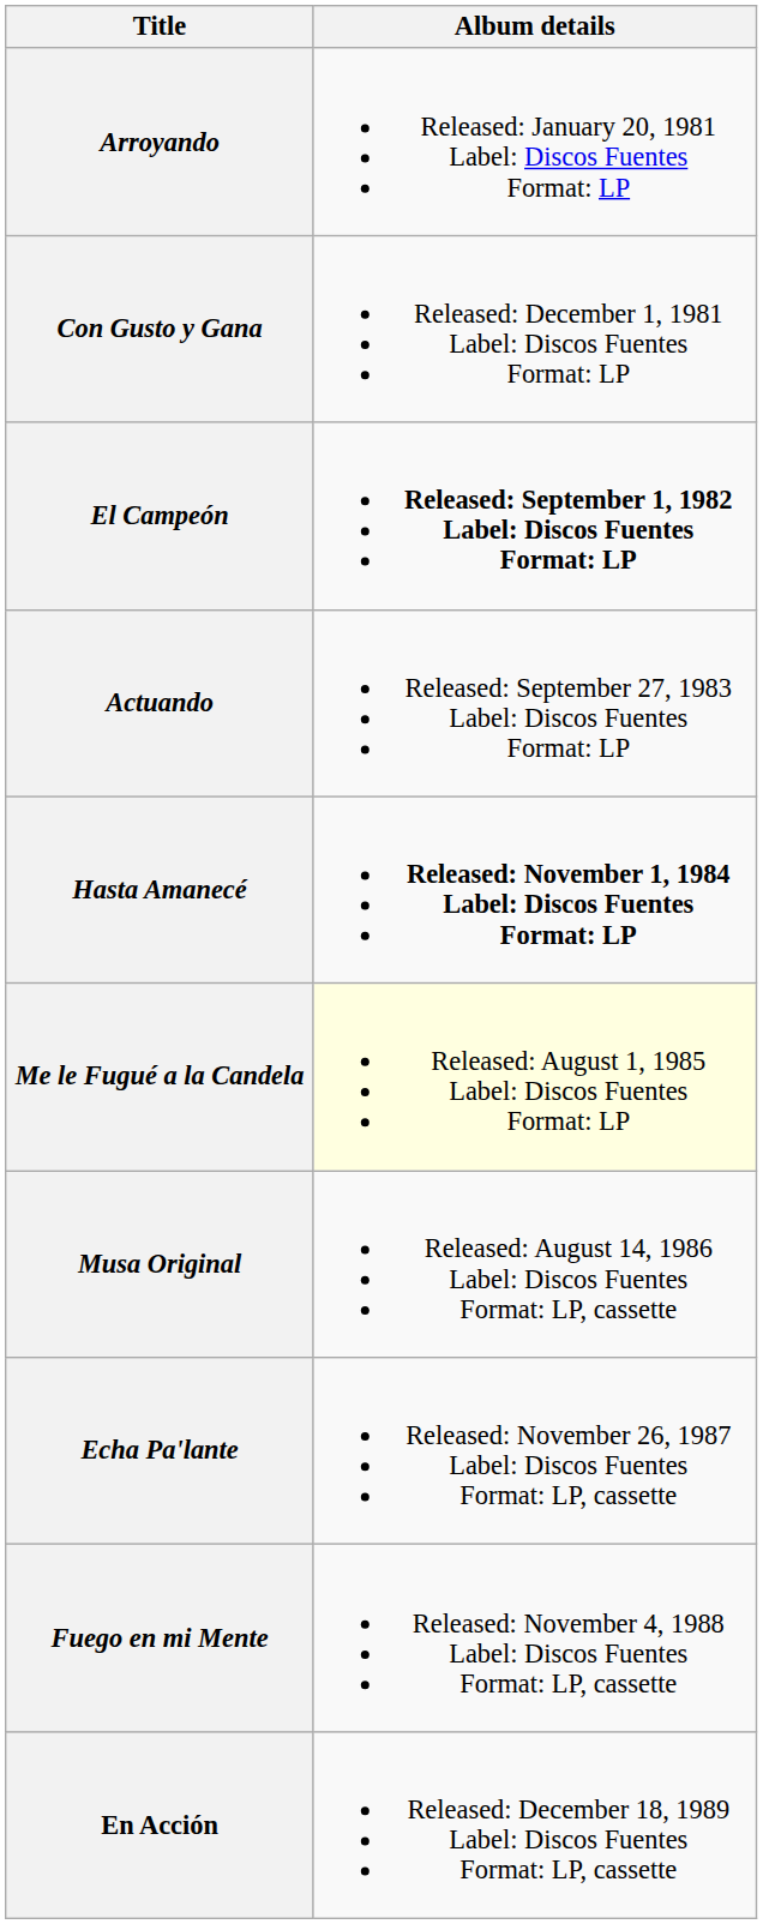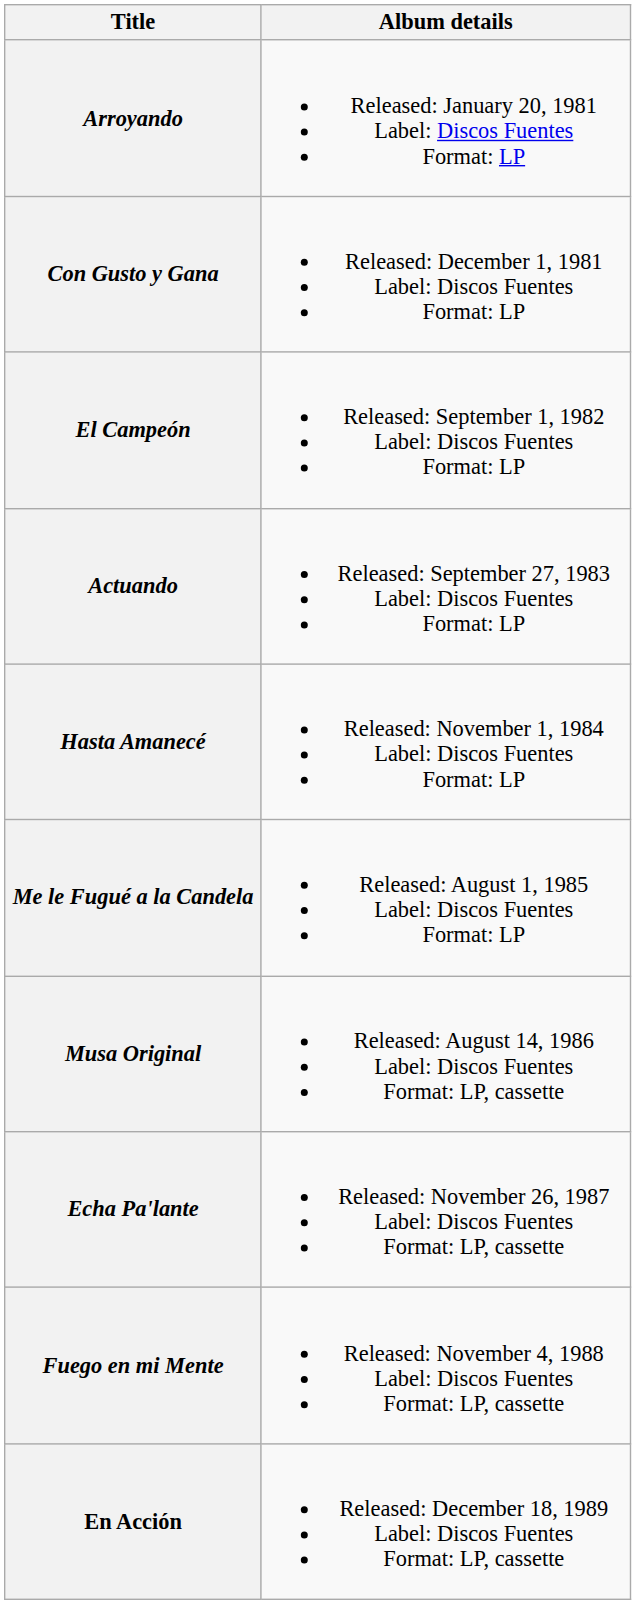 <table class="wikitable plainrowheaders" style="text-align:center;">
 <tr>
 <th scope="col" style="width:11em;">Title</th>
 <th scope="col" style="width:16em;">Album details</th>
 </tr>
 <tr>
 <th scope="row"><em>Arroyando</em></th>
 <td><br><ul><li>Released: January 20, 1981</li><li>Label: <a href='#'>Discos Fuentes</a></li><li>Format: <a href='#'>LP</a></li></ul></td>
 </tr>
 <tr>
 <th scope="row"><em>Con Gusto y Gana</em></th>
 <td><br><ul><li>Released: December 1, 1981</li><li>Label: Discos Fuentes</li><li>Format: LP</li></ul></td>
 </tr>
 <tr>
 <th scope="row"><em>El Campeón</em></th>
-<td><strong><br><ul><li>Released: September 1, 1982</li><li>Label: Discos Fuentes</li><li>Format: LP</li></ul></strong></td>
+<td><br><ul><li>Released: September 1, 1982</li><li>Label: Discos Fuentes</li><li>Format: LP</li></ul></td>
 </tr>
 <tr>
 <th scope="row"><em>Actuando</em></th>
 <td><br><ul><li>Released: September 27, 1983</li><li>Label: Discos Fuentes</li><li>Format: LP</li></ul></td>
 </tr>
 <tr>
 <th scope="row"><em>Hasta Amanecé</em></th>
-<td><strong><br><ul><li>Released: November 1, 1984</li><li>Label: Discos Fuentes</li><li>Format: LP</li></ul></strong></td>
+<td><br><ul><li>Released: November 1, 1984</li><li>Label: Discos Fuentes</li><li>Format: LP</li></ul></td>
 </tr>
 <tr>
 <th scope="row"><em>Me le Fugué a la Candela</em></th>
-<td style="background: lightyellow;"><br><ul><li>Released: August 1, 1985</li><li>Label: Discos Fuentes</li><li>Format: LP</li></ul></td>
+<td><br><ul><li>Released: August 1, 1985</li><li>Label: Discos Fuentes</li><li>Format: LP</li></ul></td>
 </tr>
 <tr>
 <th scope="row"><em>Musa Original</em></th>
 <td><br><ul><li>Released: August 14, 1986</li><li>Label: Discos Fuentes</li><li>Format: LP, cassette</li></ul></td>
 </tr>
 <tr>
 <th scope="row"><em>Echa Pa'lante</em></th>
 <td><br><ul><li>Released: November 26, 1987</li><li>Label: Discos Fuentes</li><li>Format: LP, cassette</li></ul></td>
 </tr>
 <tr>
 <th scope="row"><em>Fuego en mi Mente<strong></th>
 <td><br><ul><li>Released: November 4, 1988</li><li>Label: Discos Fuentes</li><li>Format: LP, cassette</li></ul></td>
 </tr>
 <tr>
 <th scope="row"></em>En Acción<em></th>
 <td><br><ul><li>Released: December 18, 1989</li><li>Label: Discos Fuentes</li><li>Format: LP, cassette</li></ul></td>
 </tr>
 </table>
